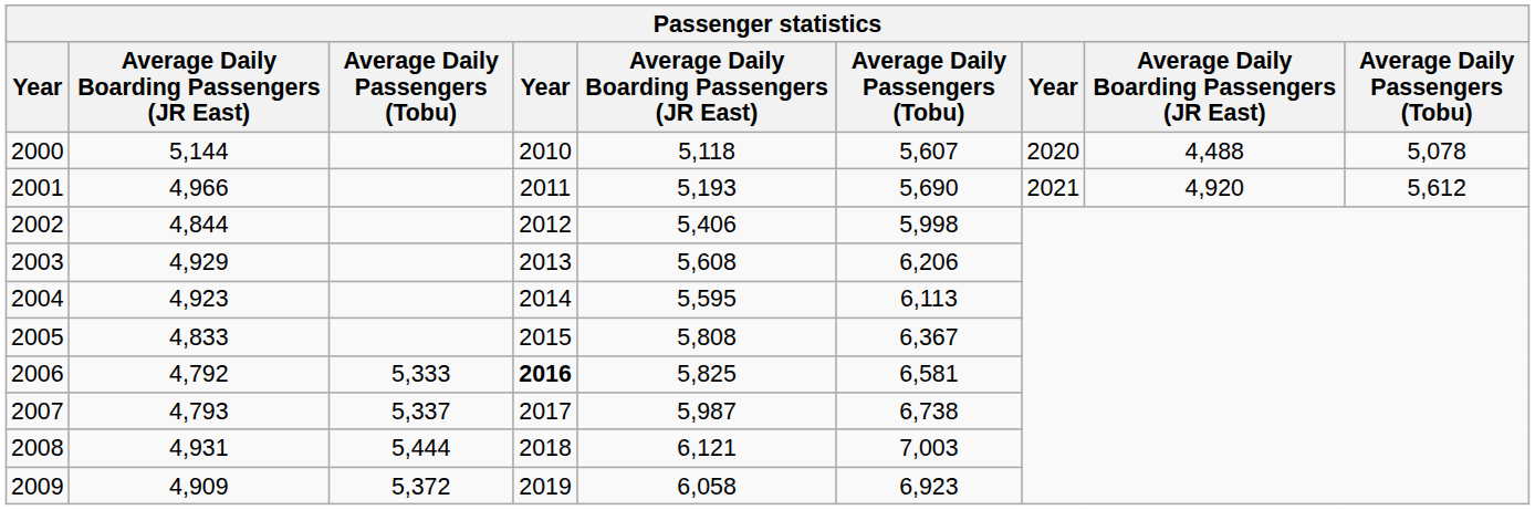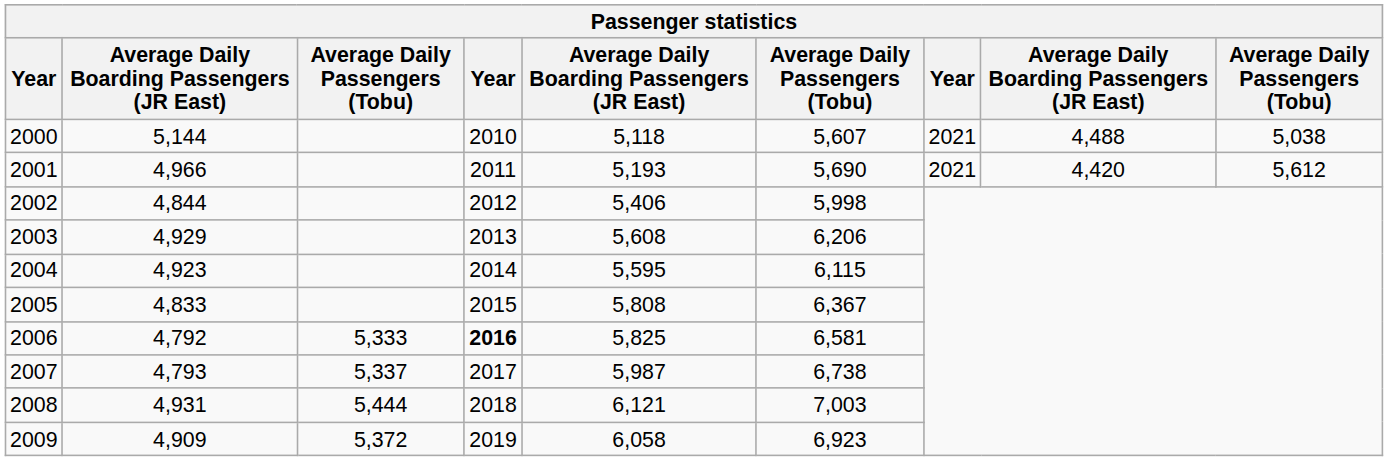 <table class="wikitable" style="margin: 1em 0.2em; text-align: center; font-size: 85%;">
 <tr style="background: #ddd;">
 <th colspan="9">Passenger statistics</th>
 </tr>
 <tr>
 <th>Year</th>
 <th>Average Daily<br>Boarding Passengers (JR East)</th>
 <th>Average Daily<br>Passengers (Tobu)</th>
 <th>Year</th>
 <th>Average Daily<br>Boarding Passengers (JR East)</th>
 <th>Average Daily<br>Passengers (Tobu)</th>
 <th>Year</th>
 <th>Average Daily<br>Boarding Passengers (JR East)</th>
 <th>Average Daily<br>Passengers (Tobu)</th>
 </tr>
 <tr>
 <td>2000</td>
 <td>5,144</td>
 <td></td>
 <td>2010</td>
 <td>5,118</td>
 <td>5,607</td>
-<td>2020</td>
+<td>2021</td>
 <td>4,488</td>
-<td>5,078</td>
+<td>5,038</td>
 </tr>
 <tr>
 <td>2001</td>
 <td>4,966</td>
 <td></td>
 <td>2011</td>
 <td>5,193</td>
 <td>5,690</td>
 <td>2021</td>
-<td>4,920</td>
+<td>4,420</td>
 <td>5,612</td>
 </tr>
 <tr>
 <td>2002</td>
 <td>4,844</td>
 <td></td>
 <td>2012</td>
 <td>5,406</td>
 <td>5,998</td>
 <td colspan="3" rowspan="8"></td>
 </tr>
 <tr>
 <td>2003</td>
 <td>4,929</td>
 <td></td>
 <td>2013</td>
 <td>5,608</td>
 <td>6,206</td>
 </tr>
 <tr>
 <td>2004</td>
 <td>4,923</td>
 <td></td>
 <td>2014</td>
 <td>5,595</td>
-<td>6,113</td>
+<td>6,115</td>
 </tr>
 <tr>
 <td>2005</td>
 <td>4,833</td>
 <td></td>
 <td>2015</td>
 <td>5,808</td>
 <td>6,367</td>
 </tr>
 <tr>
 <td>2006</td>
 <td>4,792</td>
 <td>5,333</td>
 <td><strong>2016</strong></td>
 <td>5,825</td>
 <td>6,581</td>
 </tr>
 <tr>
 <td>2007</td>
 <td>4,793</td>
 <td>5,337</td>
 <td>2017</td>
 <td>5,987</td>
 <td>6,738</td>
 </tr>
 <tr>
 <td>2008</td>
 <td>4,931</td>
 <td>5,444</td>
 <td>2018</td>
 <td>6,121</td>
 <td>7,003</td>
 </tr>
 <tr>
 <td>2009</td>
 <td>4,909</td>
 <td>5,372</td>
 <td>2019</td>
 <td>6,058</td>
 <td>6,923</td>
 </tr>
 </table>
